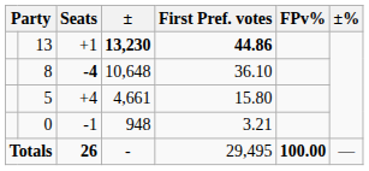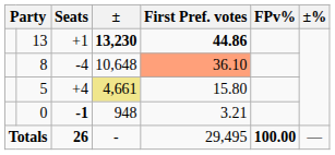 <table class=wikitable>
 <tr>
 <th colspan=2 align=center>Party</th>
 <th valign=top>Seats</th>
 <th valign=top>±</th>
 <th valign=top>First Pref. votes</th>
 <th valign=top>FPv%</th>
 <th valign=top>±%</th>
 </tr>
 <tr>
 <td></td>
 <td align=right>13</td>
 <td align=right>+1</td>
 <td align=right><strong>13,230</strong></td>
 <td align=right><strong>44.86</strong></td>
 <td align=right></td>
 </tr>
 <tr>
 <td></td>
 <td align=right>8</td>
-<td align=right><strong>-4</strong></td>
+<td align=right>-4</td>
 <td align=right>10,648</td>
-<td align=right>36.10</td>
+<td align=right style="background: lightsalmon;">36.10</td>
 <td align=right></td>
 </tr>
 <tr>
 <td></td>
 <td align=right>5</td>
 <td align=right>+4</td>
-<td align=right>4,661</td>
+<td align=right style="background: khaki;">4,661</td>
 <td align=right>15.80</td>
 <td align=right></td>
 </tr>
 <tr>
 <td></td>
 <td align=right>0</td>
-<td align=right>-1</td>
+<td align=right><strong>-1</strong></td>
 <td align=right>948</td>
 <td align=right>3.21</td>
 <td align=right></td>
 </tr>
 <tr>
 <td colspan=2 align=center><strong>Totals</strong></td>
 <td align=right><strong>26</strong></td>
 <td align=center>-</td>
 <td align=right>29,495</td>
 <td align=center><strong>100.00</strong></td>
 <td align=center>—</td>
 </tr>
 </table>
